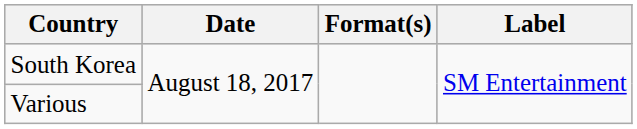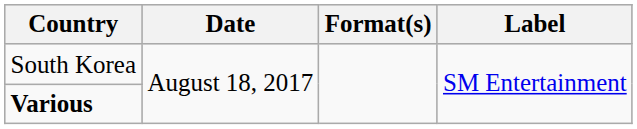 <table class="wikitable">
 <tr>
 <th>Country</th>
 <th>Date</th>
 <th>Format(s)</th>
 <th>Label</th>
 </tr>
 <tr>
 <td>South Korea</td>
 <td rowspan="2">August 18, 2017</td>
 <td rowspan="2"></td>
 <td rowspan="2"><a href='#'>SM Entertainment</a></td>
 </tr>
 <tr>
-<td>Various</td>
+<td><strong>Various</strong></td>
 </tr>
 </table>
